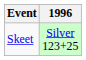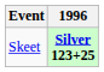 <table class="wikitable" style="text-align: center">
 <tr>
 <th>Event</th>
 <th>1996</th>
 </tr>
 <tr>
 <td align=left><a href='#'>Skeet</a></td>
-<td style="background: #ccffcc"> <a href='#'>Silver</a><br>123+25</td>
+<td style="background: #ccffcc"><strong> <a href='#'>Silver</a><br>123+25</strong></td>
 </tr>
 </table>
